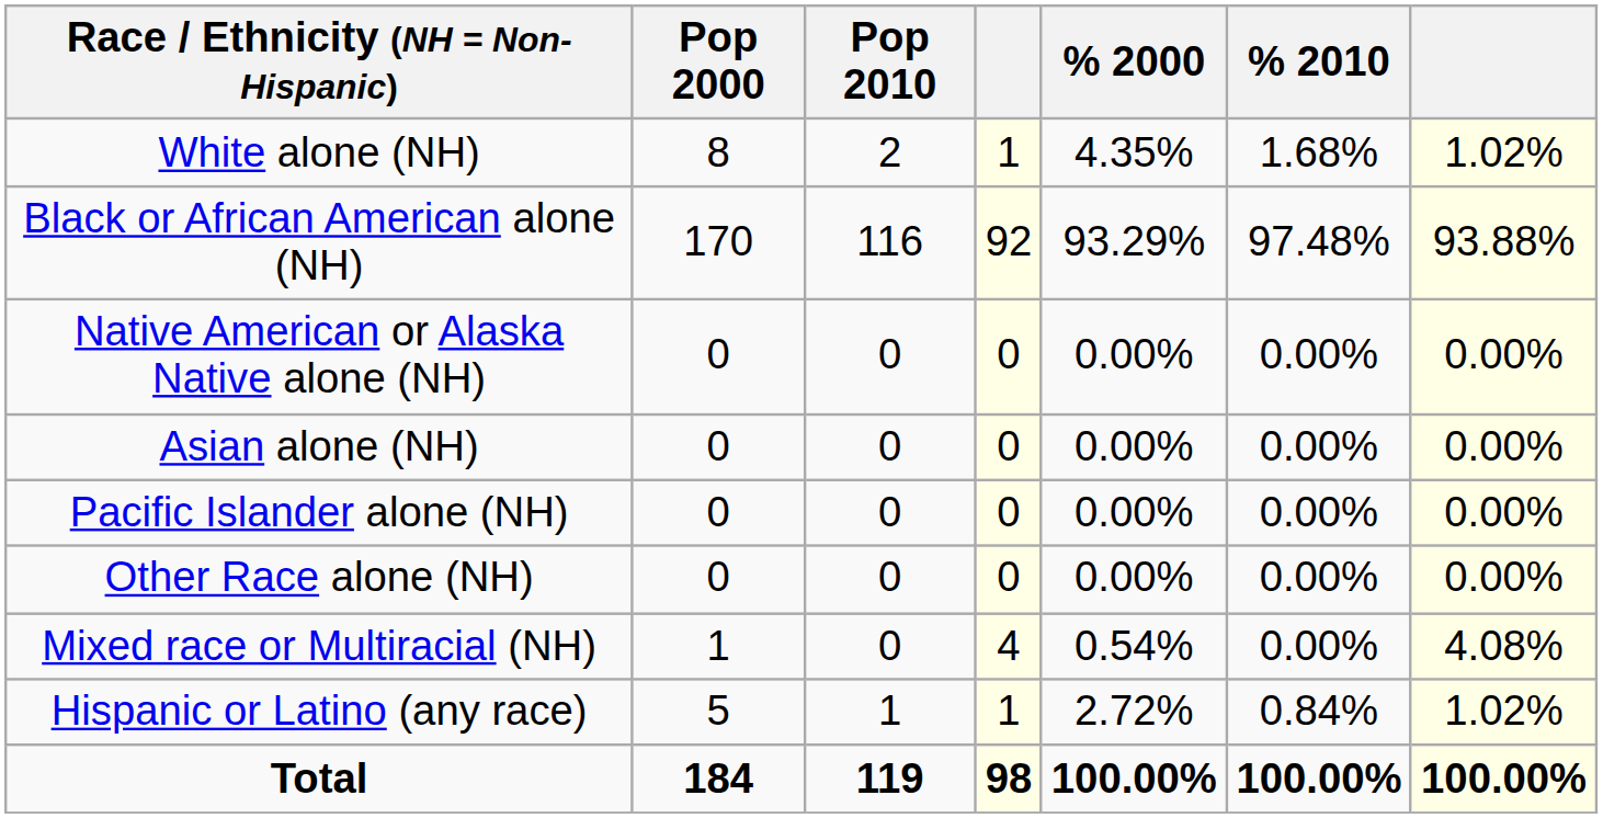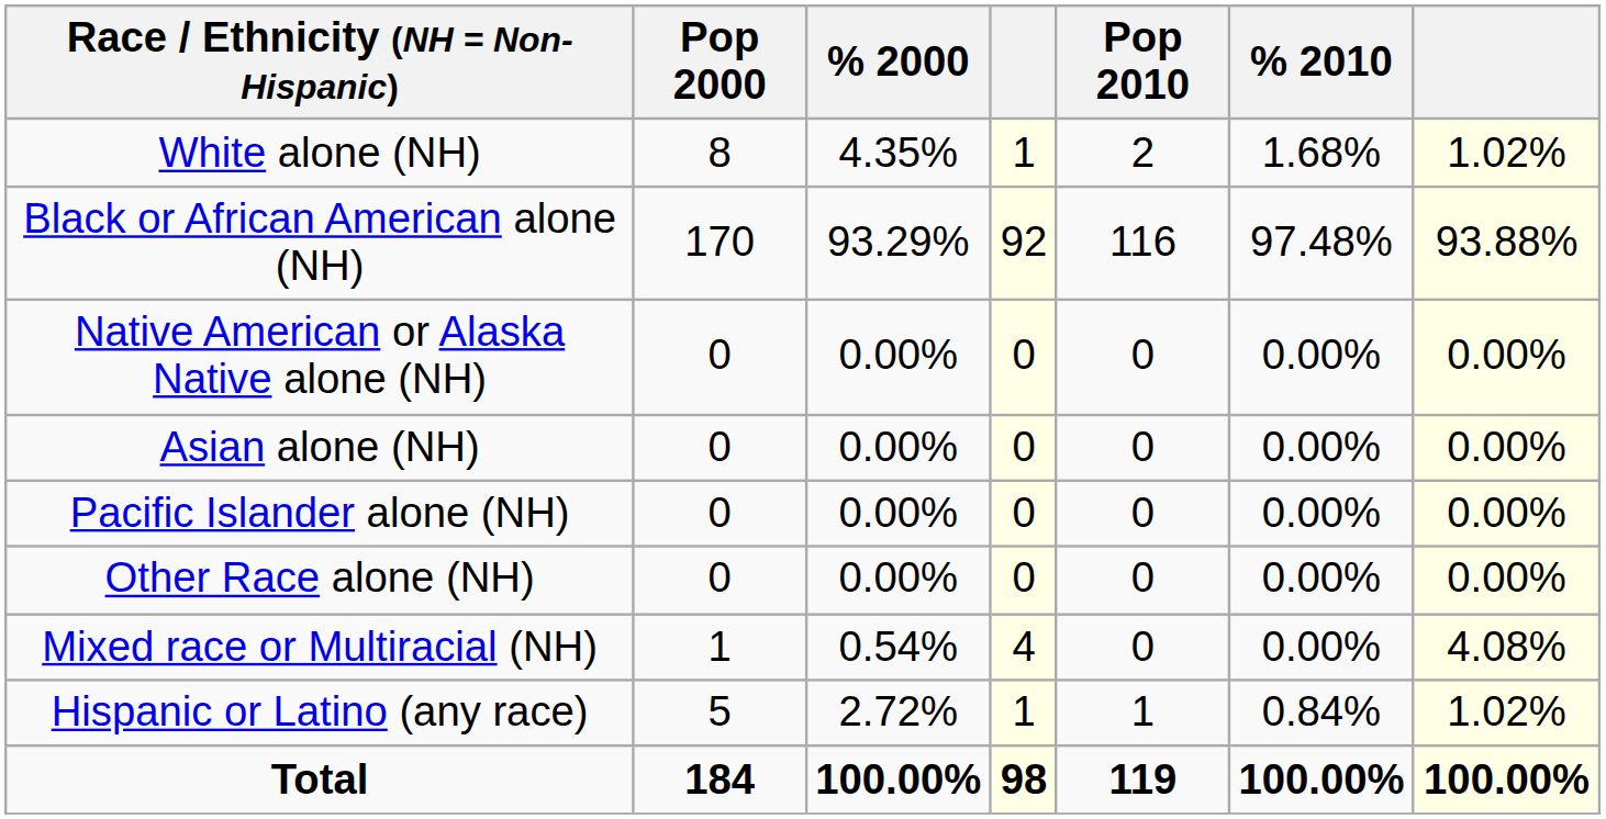 <table class="wikitable" style="text-align:center;">
 <tr>
 <th>Race / Ethnicity <small>(<em>NH = Non-Hispanic</em>)</small></th>
 <th>Pop 2000</th>
+<th>% 2000</th>
+<th></th>
 <th>Pop 2010</th>
-<th></th>
-<th>% 2000</th>
 <th>% 2010</th>
 <th></th>
 </tr>
 <tr>
 <td><a href='#'>White</a> alone (NH)</td>
 <td>8</td>
+<td>4.35%</td>
+<td style='background: #ffffe6;'>1</td>
 <td>2</td>
-<td style='background: #ffffe6;'>1</td>
-<td>4.35%</td>
 <td>1.68%</td>
 <td style='background: #ffffe6;'>1.02%</td>
 </tr>
 <tr>
 <td><a href='#'>Black or African American</a> alone (NH)</td>
 <td>170</td>
+<td>93.29%</td>
+<td style='background: #ffffe6;'>92</td>
 <td>116</td>
-<td style='background: #ffffe6;'>92</td>
-<td>93.29%</td>
 <td>97.48%</td>
 <td style='background: #ffffe6;'>93.88%</td>
 </tr>
 <tr>
 <td><a href='#'>Native American</a> or <a href='#'>Alaska Native</a> alone (NH)</td>
 <td>0</td>
+<td>0.00%</td>
+<td style='background: #ffffe6;'>0</td>
 <td>0</td>
-<td style='background: #ffffe6;'>0</td>
-<td>0.00%</td>
 <td>0.00%</td>
 <td style='background: #ffffe6;'>0.00%</td>
 </tr>
 <tr>
 <td><a href='#'>Asian</a> alone (NH)</td>
 <td>0</td>
+<td>0.00%</td>
+<td style='background: #ffffe6;'>0</td>
 <td>0</td>
-<td style='background: #ffffe6;'>0</td>
-<td>0.00%</td>
 <td>0.00%</td>
 <td style='background: #ffffe6;'>0.00%</td>
 </tr>
 <tr>
 <td><a href='#'>Pacific Islander</a> alone (NH)</td>
 <td>0</td>
+<td>0.00%</td>
+<td style='background: #ffffe6;'>0</td>
 <td>0</td>
-<td style='background: #ffffe6;'>0</td>
-<td>0.00%</td>
 <td>0.00%</td>
 <td style='background: #ffffe6;'>0.00%</td>
 </tr>
 <tr>
 <td><a href='#'>Other Race</a> alone (NH)</td>
 <td>0</td>
+<td>0.00%</td>
+<td style='background: #ffffe6;'>0</td>
 <td>0</td>
-<td style='background: #ffffe6;'>0</td>
-<td>0.00%</td>
 <td>0.00%</td>
 <td style='background: #ffffe6;'>0.00%</td>
 </tr>
 <tr>
 <td><a href='#'>Mixed race or Multiracial</a> (NH)</td>
 <td>1</td>
+<td>0.54%</td>
+<td style='background: #ffffe6;'>4</td>
 <td>0</td>
-<td style='background: #ffffe6;'>4</td>
-<td>0.54%</td>
 <td>0.00%</td>
 <td style='background: #ffffe6;'>4.08%</td>
 </tr>
 <tr>
 <td><a href='#'>Hispanic or Latino</a> (any race)</td>
 <td>5</td>
+<td>2.72%</td>
+<td style='background: #ffffe6;'>1</td>
 <td>1</td>
-<td style='background: #ffffe6;'>1</td>
-<td>2.72%</td>
 <td>0.84%</td>
 <td style='background: #ffffe6;'>1.02%</td>
 </tr>
 <tr>
 <td><strong>Total</strong></td>
 <td><strong>184</strong></td>
+<td><strong>100.00%</strong></td>
+<td style='background: #ffffe6;'><strong>98</strong></td>
 <td><strong>119</strong></td>
-<td style='background: #ffffe6;'><strong>98</strong></td>
-<td><strong>100.00%</strong></td>
 <td><strong>100.00%</strong></td>
 <td style='background: #ffffe6;'><strong>100.00%</strong></td>
 </tr>
 </table>
